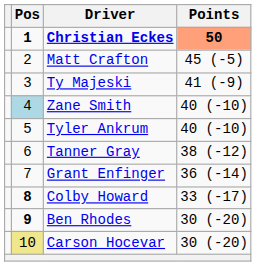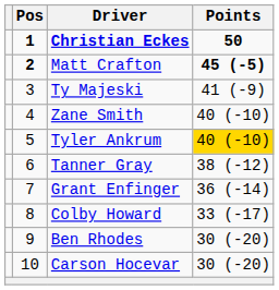 <table class="wikitable" style="font-size: 95%;">
 <tr>
 <th></th>
 <th>Pos</th>
 <th>Driver</th>
 <th>Points</th>
 </tr>
 <tr>
 <td align="left"></td>
 <td style="text-align:center;"><strong>1</strong></td>
 <td><strong><a href='#'>Christian Eckes</a></strong></td>
-<td style="background: lightsalmon; text-align:center;"><strong>50</strong></td>
+<td style="text-align:center;"><strong>50</strong></td>
 </tr>
 <tr>
 <td align="left"></td>
-<td style="text-align:center;">2</td>
+<td style="text-align:center;"><strong>2</strong></td>
 <td><a href='#'>Matt Crafton</a></td>
-<td style="text-align:center;">45 (-5)</td>
+<td style="text-align:center;"><strong>45 (-5)</strong></td>
 </tr>
 <tr>
 <td align="left"></td>
 <td style="text-align:center;">3</td>
 <td><a href='#'>Ty Majeski</a></td>
 <td style="text-align:center;">41 (-9)</td>
 </tr>
 <tr>
 <td align="left"></td>
-<td style="background: lightblue; text-align:center;">4</td>
+<td style="text-align:center;">4</td>
 <td><a href='#'>Zane Smith</a></td>
 <td style="text-align:center;">40 (-10)</td>
 </tr>
 <tr>
 <td align="left"></td>
 <td style="text-align:center;">5</td>
 <td><a href='#'>Tyler Ankrum</a></td>
-<td style="text-align:center;">40 (-10)</td>
+<td style="background: gold; text-align:center;">40 (-10)</td>
 </tr>
 <tr>
 <td align="left"></td>
 <td style="text-align:center;">6</td>
 <td><a href='#'>Tanner Gray</a></td>
 <td style="text-align:center;">38 (-12)</td>
 </tr>
 <tr>
 <td align="left"></td>
 <td style="text-align:center;">7</td>
 <td><a href='#'>Grant Enfinger</a></td>
 <td style="text-align:center;">36 (-14)</td>
 </tr>
 <tr>
 <td align="left"></td>
-<td style="text-align:center;"><strong>8</strong></td>
+<td style="text-align:center;">8</td>
 <td><a href='#'>Colby Howard</a></td>
 <td style="text-align:center;">33 (-17)</td>
 </tr>
 <tr>
 <td align="left"></td>
-<td style="text-align:center;"><strong>9</strong></td>
+<td style="text-align:center;">9</td>
 <td><a href='#'>Ben Rhodes</a></td>
 <td style="text-align:center;">30 (-20)</td>
 </tr>
 <tr>
 <td align="left"></td>
-<td style="background: khaki; text-align:center;">10</td>
+<td style="text-align:center;">10</td>
 <td><a href='#'>Carson Hocevar</a></td>
 <td style="text-align:center;">30 (-20)</td>
 </tr>
 <tr class="sortbottom">
 <th colspan="9"></th>
 </tr>
 </table>
